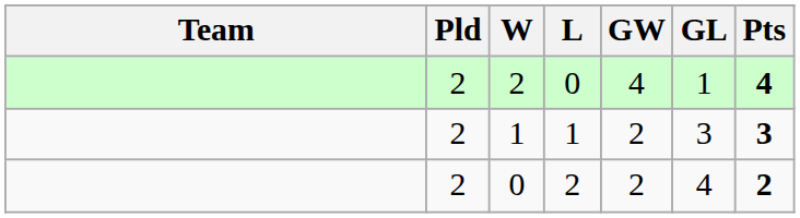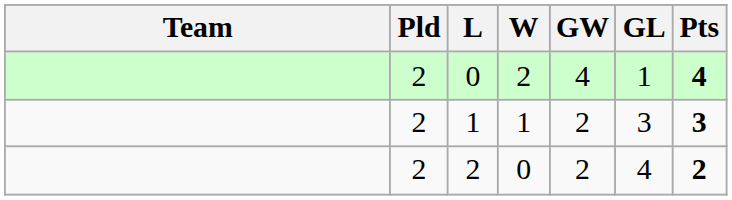 <table class="wikitable" style="text-align:center">
 <tr>
 <th width=200>Team</th>
 <th width=20>Pld</th>
+<th width=20>L</th>
 <th width=20>W</th>
-<th width=20>L</th>
 <th width=20>GW</th>
 <th width=20>GL</th>
 <th width=20>Pts</th>
 </tr>
 <tr bgcolor=ccffcc>
 <td style="text-align:left;"></td>
 <td>2</td>
+<td>0</td>
 <td>2</td>
-<td>0</td>
 <td>4</td>
 <td>1</td>
 <td><strong>4</strong></td>
 </tr>
 <tr>
 <td style="text-align:left;"></td>
 <td>2</td>
 <td>1</td>
 <td>1</td>
 <td>2</td>
 <td>3</td>
 <td><strong>3</strong></td>
 </tr>
 <tr>
 <td style="text-align:left;"></td>
 <td>2</td>
+<td>2</td>
 <td>0</td>
-<td>2</td>
 <td>2</td>
 <td>4</td>
 <td><strong>2</strong></td>
 </tr>
 </table>
